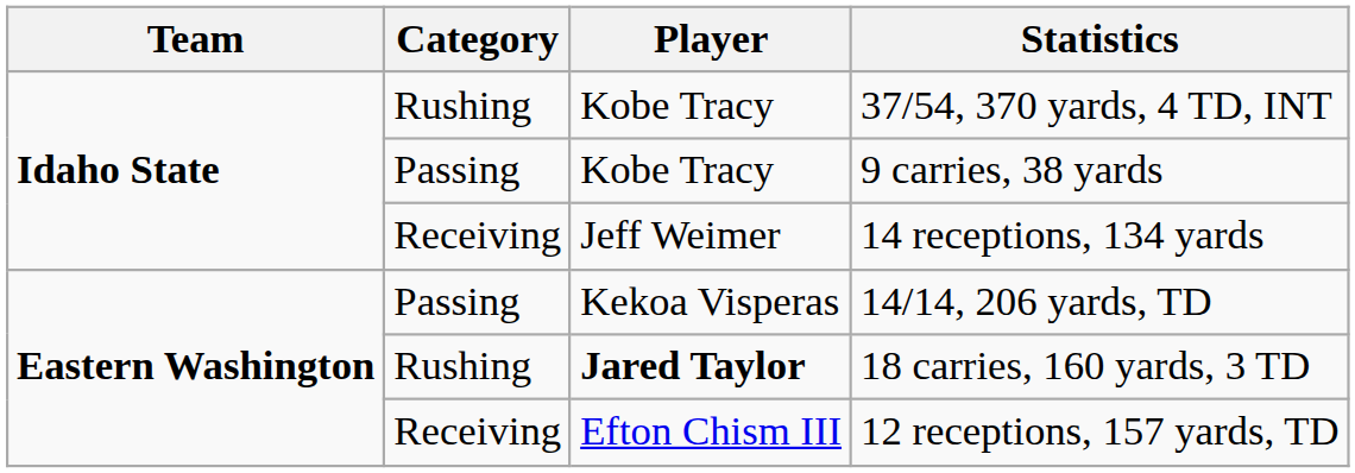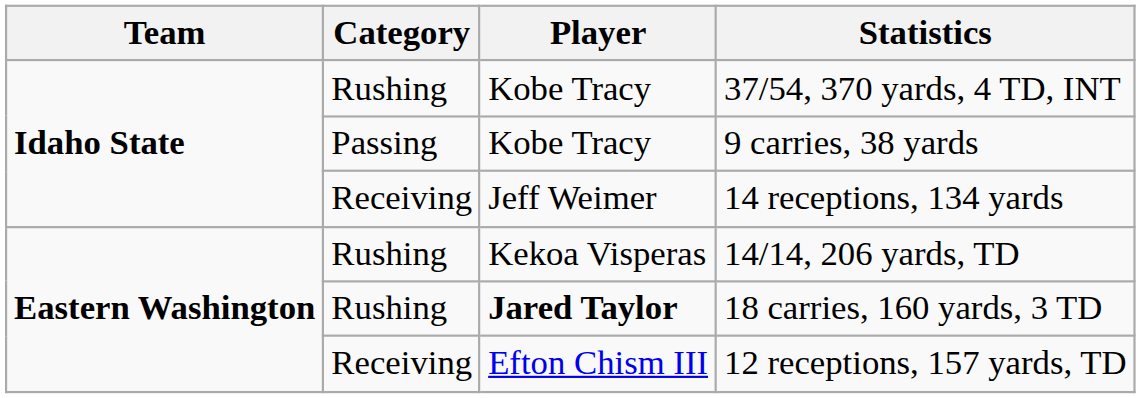 <table class="wikitable" style="float: right;">
 <tr>
 <th>Team</th>
 <th>Category</th>
 <th>Player</th>
 <th>Statistics</th>
 </tr>
 <tr>
 <td rowspan=3><strong>Idaho State</strong></td>
 <td>Rushing</td>
 <td>Kobe Tracy</td>
 <td>37/54, 370 yards, 4 TD, INT</td>
 </tr>
 <tr>
 <td>Passing</td>
 <td>Kobe Tracy</td>
 <td>9 carries, 38 yards</td>
 </tr>
 <tr>
 <td>Receiving</td>
 <td>Jeff Weimer</td>
 <td>14 receptions, 134 yards</td>
 </tr>
 <tr>
 <td rowspan=3><strong>Eastern Washington</strong></td>
-<td>Passing</td>
+<td>Rushing</td>
 <td>Kekoa Visperas</td>
 <td>14/14, 206 yards, TD</td>
 </tr>
 <tr>
 <td>Rushing</td>
 <td><strong>Jared Taylor</strong></td>
 <td>18 carries, 160 yards, 3 TD</td>
 </tr>
 <tr>
 <td>Receiving</td>
 <td><a href='#'>Efton Chism III</a></td>
 <td>12 receptions, 157 yards, TD</td>
 </tr>
 </table>
